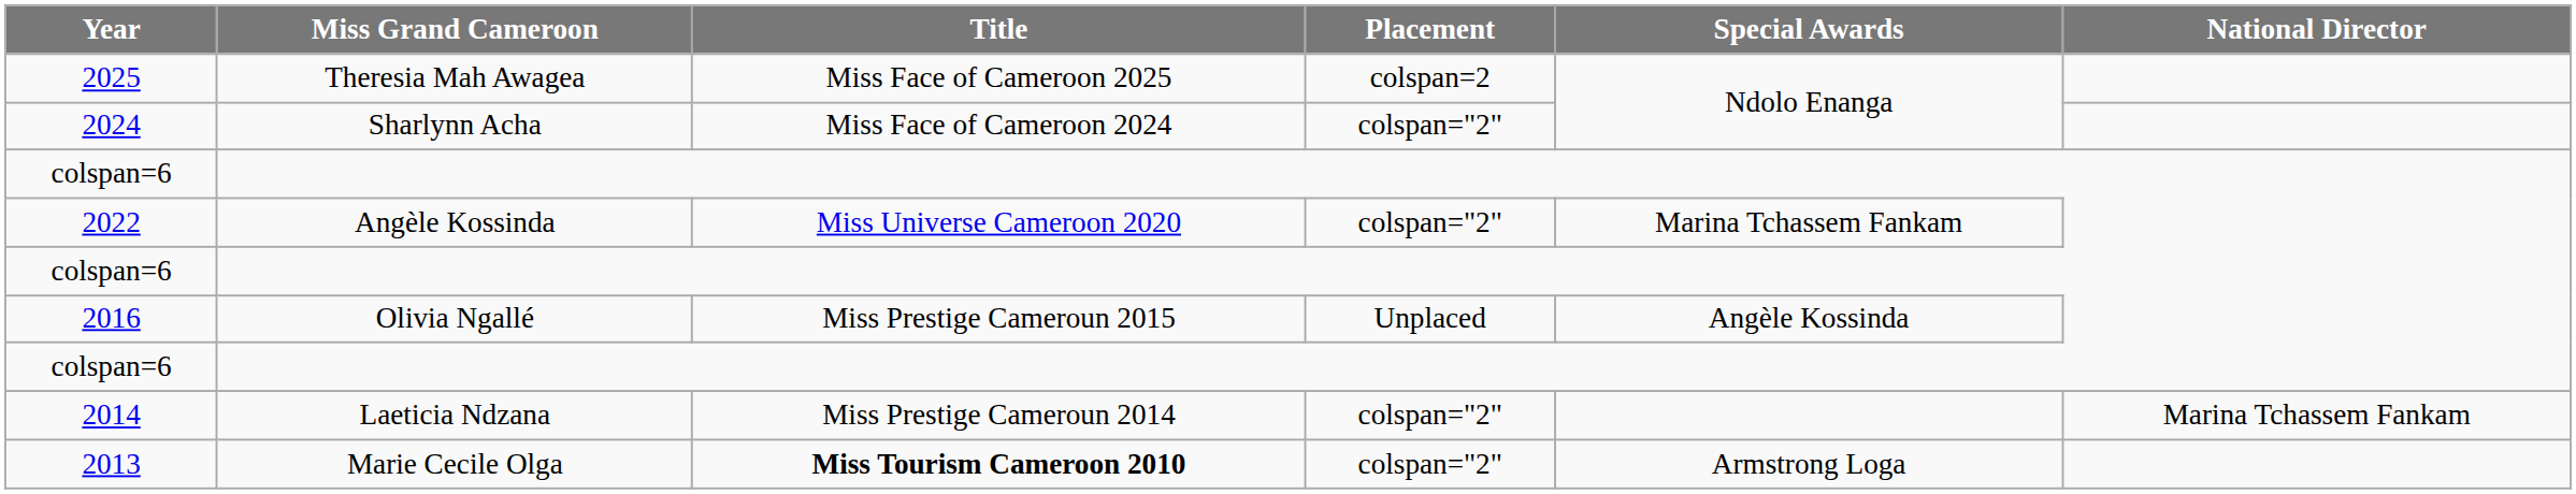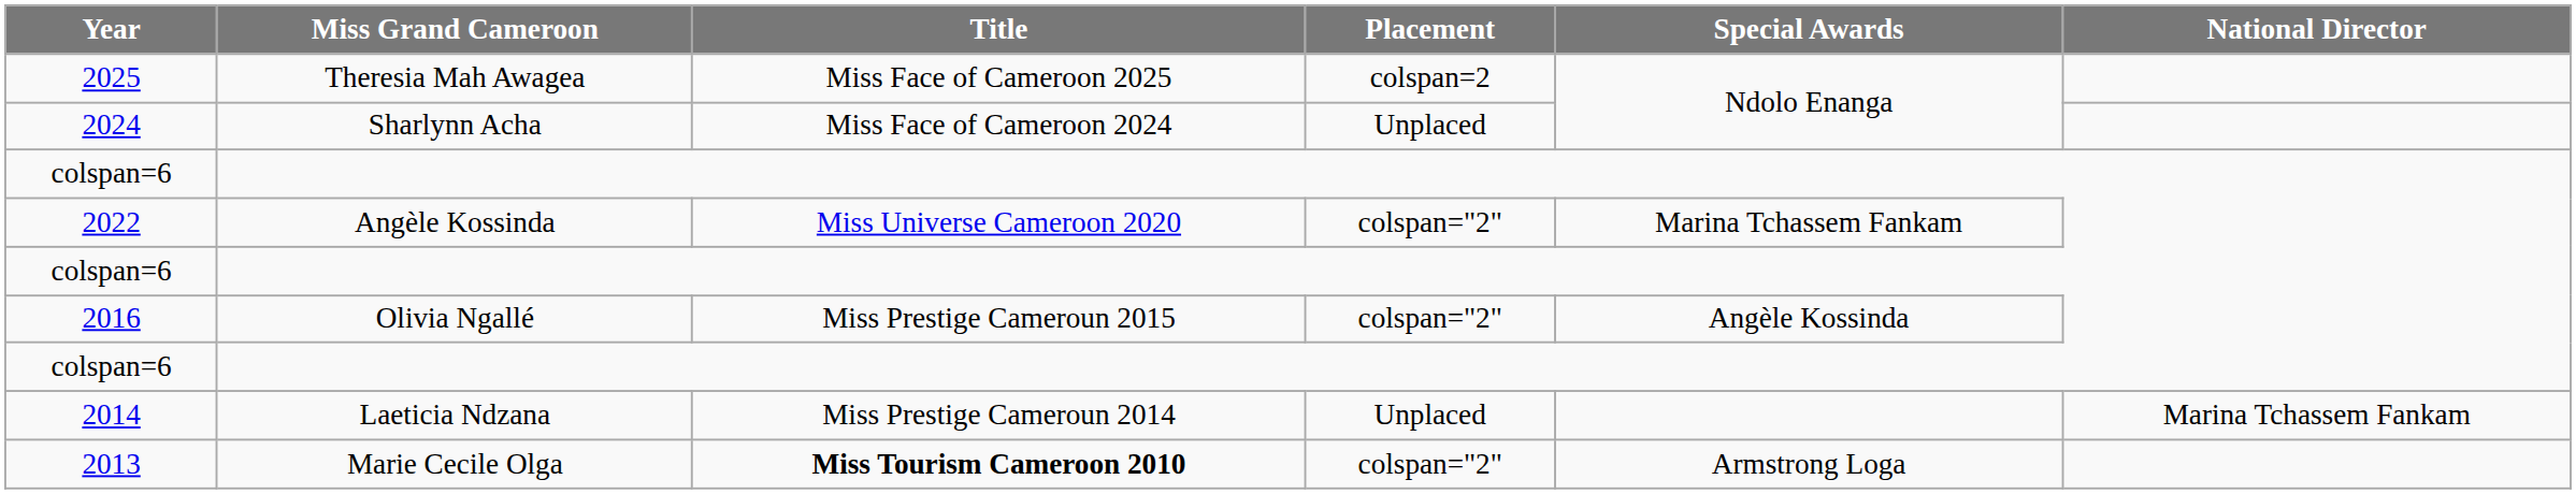 <table class="wikitable" style="font-size: 90%; text-align:center; width:100%">
 <tr>
 <th style="background-color:#787878;color:#FFFFFF;">Year</th>
 <th style="background-color:#787878;color:#FFFFFF;">Miss Grand Cameroon</th>
 <th style="background-color:#787878;color:#FFFFFF;">Title</th>
 <th style="background-color:#787878;color:#FFFFFF;">Placement</th>
 <th style="background-color:#787878;color:#FFFFFF;">Special Awards</th>
 <th style="background-color:#787878;color:#FFFFFF;">National Director</th>
 </tr>
 <tr>
 <td><a href='#'>2025</a></td>
 <td>Theresia Mah Awagea</td>
 <td>Miss Face of Cameroon 2025</td>
 <td>colspan=2 </td>
 <td rowspan=2>Ndolo Enanga</td>
 </tr>
 <tr>
 <td><a href='#'>2024</a></td>
 <td>Sharlynn Acha</td>
 <td>Miss Face of Cameroon 2024</td>
-<td>colspan="2" </td>
+<td>Unplaced</td>
 <td></td>
 </tr>
 <tr>
 <td>colspan=6 </td>
 </tr>
 <tr>
 <td><a href='#'>2022</a></td>
 <td>Angèle Kossinda</td>
 <td><a href='#'>Miss Universe Cameroon 2020</a></td>
 <td>colspan="2" </td>
 <td>Marina Tchassem Fankam</td>
 </tr>
 <tr>
 <td>colspan=6 </td>
 </tr>
 <tr>
 <td><a href='#'>2016</a></td>
 <td>Olivia Ngallé</td>
 <td>Miss Prestige Cameroun 2015</td>
-<td>Unplaced</td>
+<td>colspan="2" </td>
 <td>Angèle Kossinda</td>
 </tr>
 <tr>
 <td>colspan=6 </td>
 </tr>
 <tr>
 <td><a href='#'>2014</a></td>
 <td>Laeticia Ndzana</td>
 <td>Miss Prestige Cameroun 2014</td>
-<td>colspan="2" </td>
+<td>Unplaced</td>
 <td></td>
 <td>Marina Tchassem Fankam</td>
 </tr>
 <tr>
 <td><a href='#'>2013</a></td>
 <td>Marie Cecile Olga</td>
 <td><strong>Miss Tourism Cameroon 2010</strong></td>
 <td>colspan="2" </td>
 <td>Armstrong Loga</td>
 </tr>
 </table>
